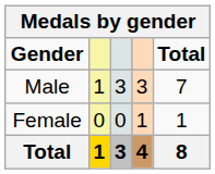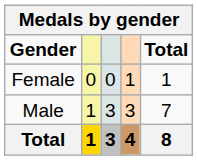 <table class="wikitable" style="font-size:85%; float:right">
 <tr style="background:#efefef;">
 <th colspan=5>Medals by gender</th>
 </tr>
 <tr align=center>
 <td><strong>Gender</strong></td>
 <td style="background:#f7f6a8;"></td>
 <td style="background:#dce5e5;"></td>
 <td style="background:#ffdab9;"></td>
 <td><strong>Total</strong></td>
 </tr>
 <tr align=center>
+<td>Female</td>
+<td style="background:#F7F6A8;">0</td>
+<td style="background:#DCE5E5;">0</td>
+<td style="background:#FFDAB9;">1</td>
+<td>1</td>
+</tr>
+<tr align=center>
 <td>Male</td>
 <td style="background:#F7F6A8;">1</td>
 <td style="background:#DCE5E5;">3</td>
 <td style="background:#FFDAB9;">3</td>
 <td>7</td>
-</tr>
-<tr align=center>
-<td>Female</td>
-<td style="background:#F7F6A8;">0</td>
-<td style="background:#DCE5E5;">0</td>
-<td style="background:#FFDAB9;">1</td>
-<td>1</td>
 </tr>
 <tr align=center>
 <th>Total</th>
 <th style="background:gold;">1</th>
 <th style="background:silver;">3</th>
 <th style="background:#c96;">4</th>
 <th>8</th>
 </tr>
 </table>
